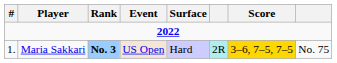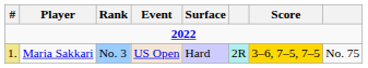 <table class="wikitable sortable">
 <tr>
 <th>#</th>
 <th>Player</th>
 <th>Rank</th>
 <th>Event</th>
 <th>Surface</th>
 <th></th>
 <th>Score</th>
 <th></th>
 </tr>
 <tr>
 <td colspan=8 style=text-align:center><strong><a href='#'>2022</a></strong></td>
 </tr>
 <tr>
-<td>1.</td>
+<td style="background: khaki;">1.</td>
 <td> <a href='#'>Maria Sakkari</a></td>
-<td bgcolor=99ccff><strong>No. 3</strong></td>
+<td bgcolor=99ccff>No. 3</td>
 <td bgcolor=f3e6d7><a href='#'>US Open</a></td>
 <td bgcolor=ccccff>Hard</td>
 <td bgcolor=afeeee>2R</td>
 <td style="background: gold;">3–6, 7–5, 7–5</td>
 <td>No. 75</td>
 </tr>
 </table>
